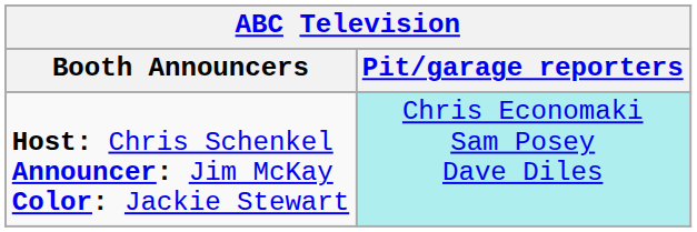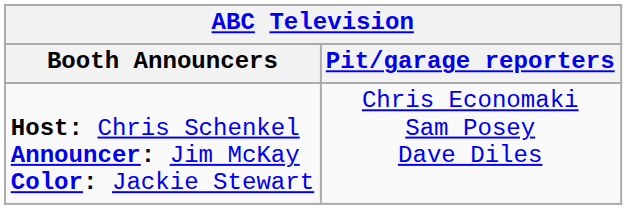 <table class="wikitable" style="font-size: 95%;">
 <tr>
 <th colspan=2><a href='#'>ABC</a> <a href='#'>Television</a></th>
 </tr>
 <tr>
 <th>Booth Announcers</th>
 <th><a href='#'>Pit/garage reporters</a></th>
 </tr>
 <tr>
 <td valign="top"><br><strong>Host:</strong> <a href='#'>Chris Schenkel</a><br> <strong><a href='#'>Announcer</a>:</strong> <a href='#'>Jim McKay</a><br> <strong><a href='#'>Color</a>:</strong> <a href='#'>Jackie Stewart</a><br></td>
-<td align="center" valign="top" style="background: paleturquoise;"><a href='#'>Chris Economaki</a><br><a href='#'>Sam Posey</a><br><a href='#'>Dave Diles</a><br></td>
+<td align="center" valign="top"><a href='#'>Chris Economaki</a><br><a href='#'>Sam Posey</a><br><a href='#'>Dave Diles</a><br></td>
 </tr>
 </table>
